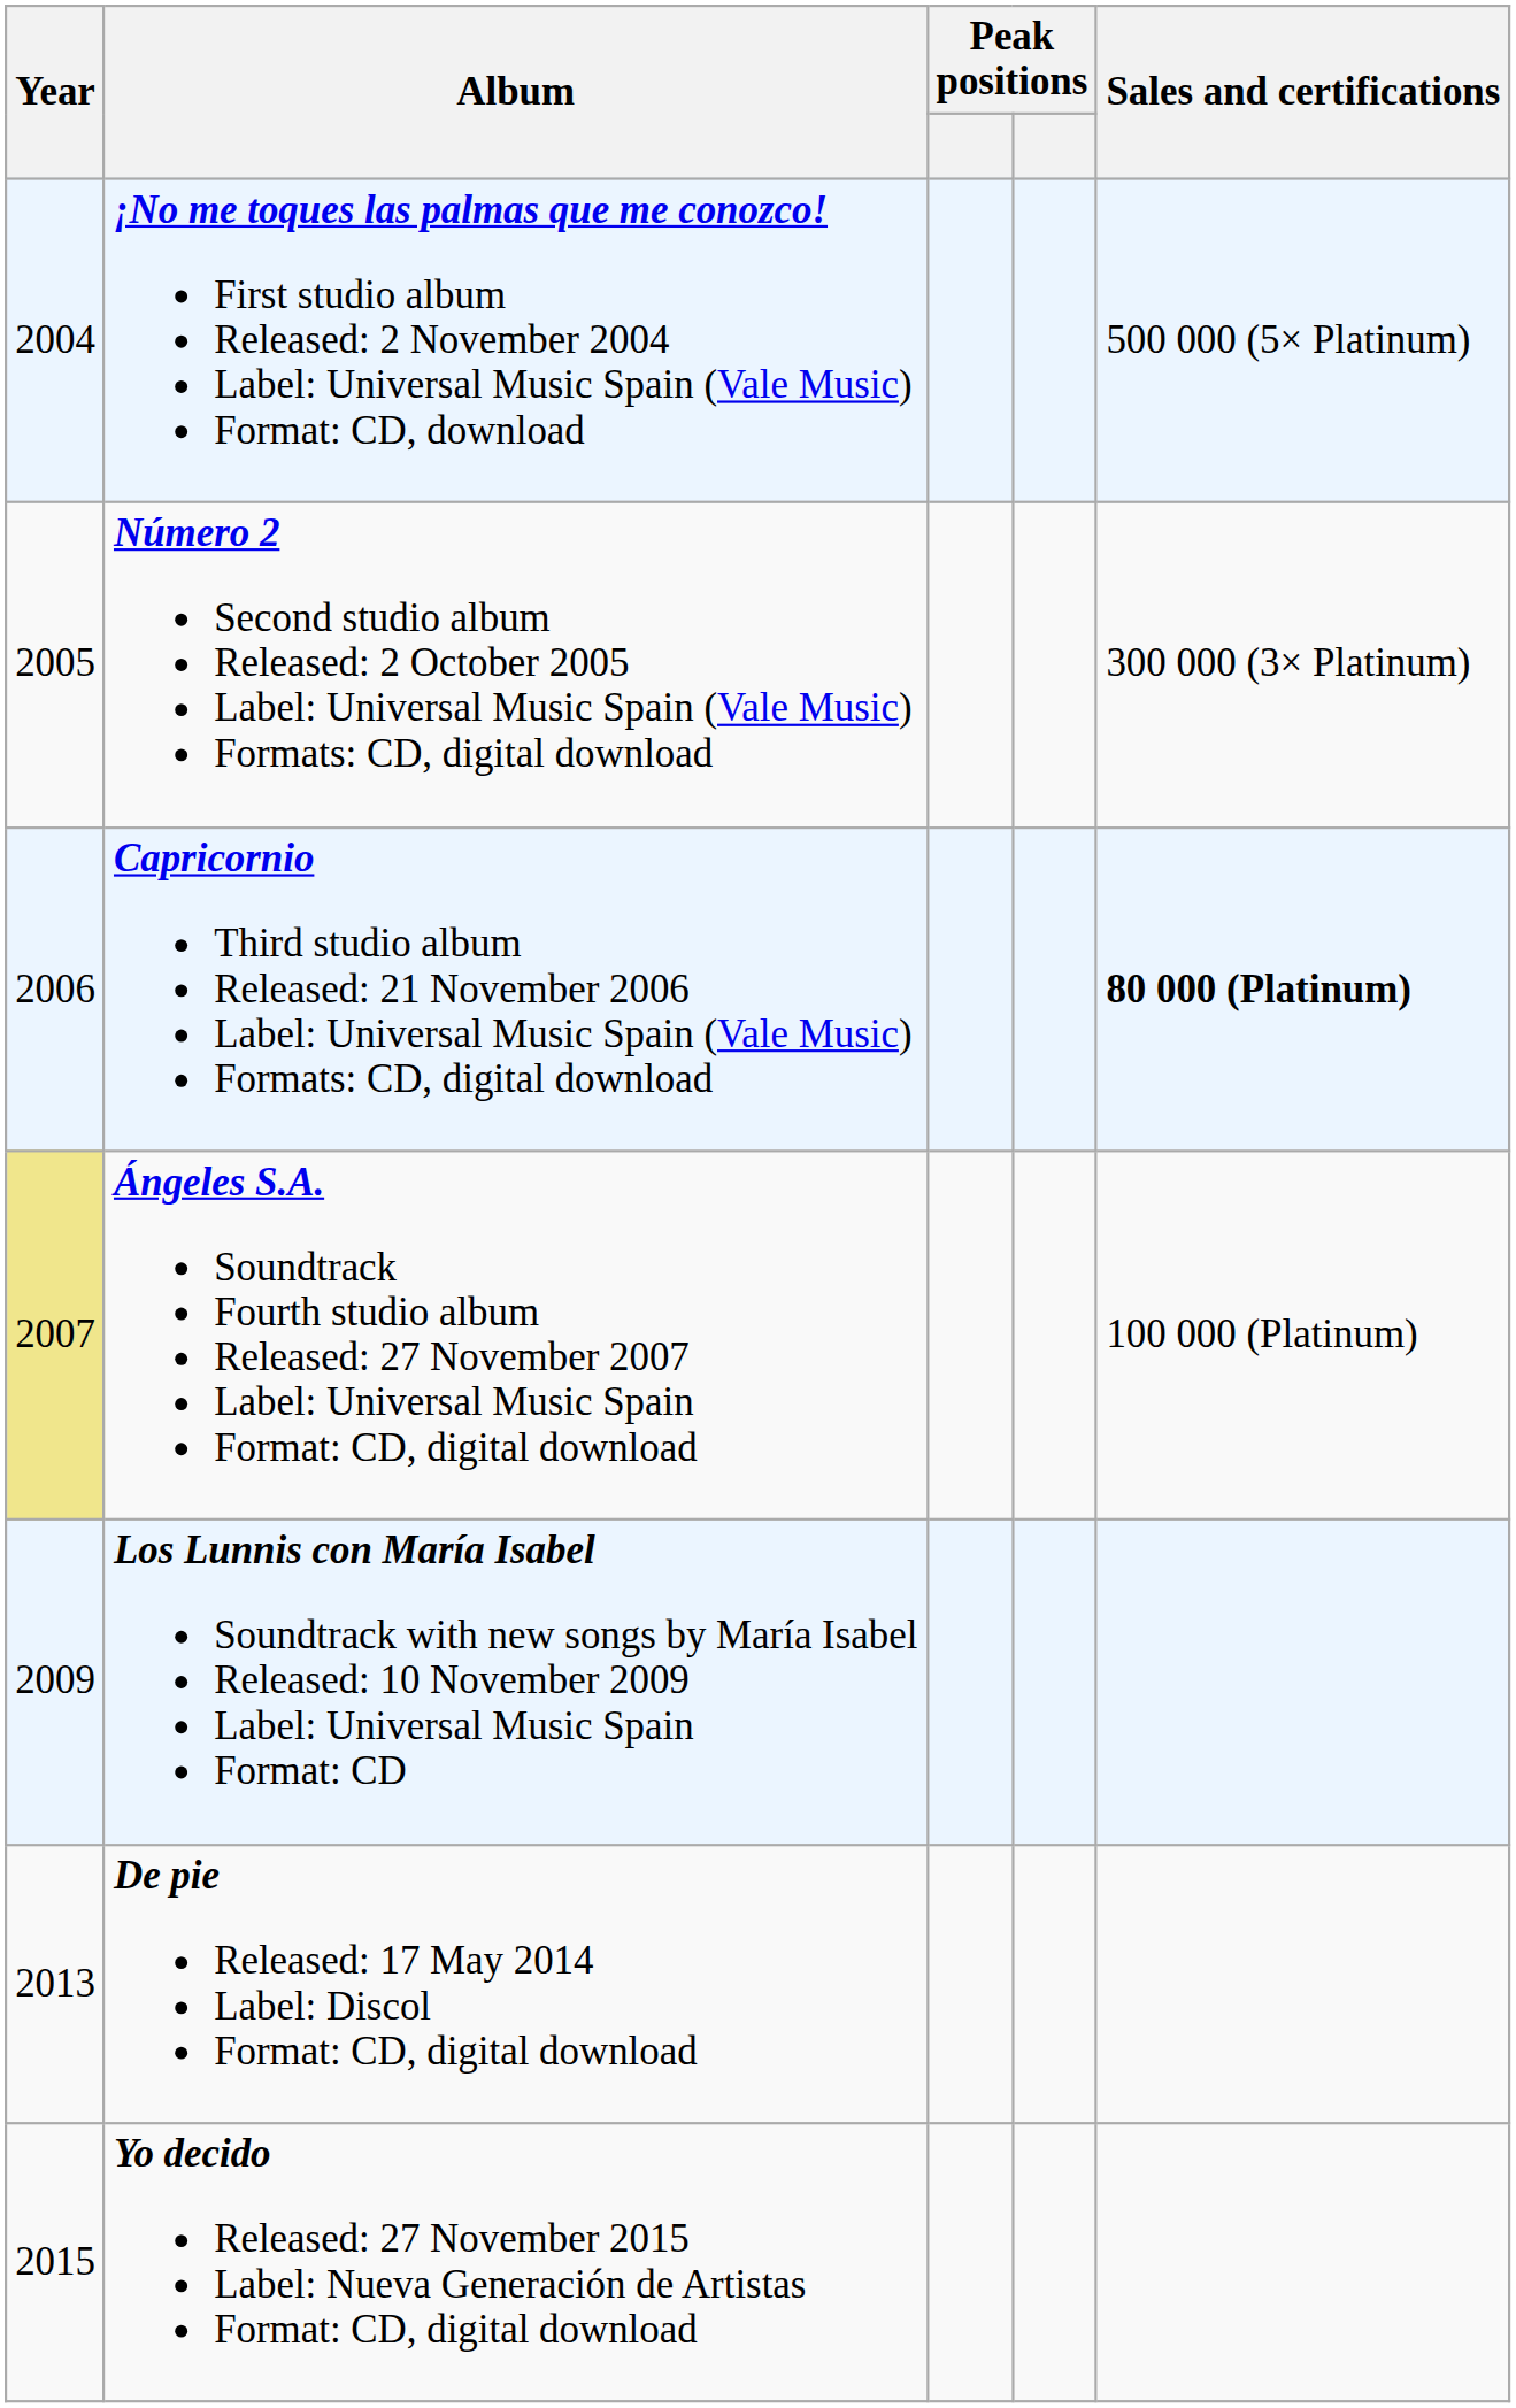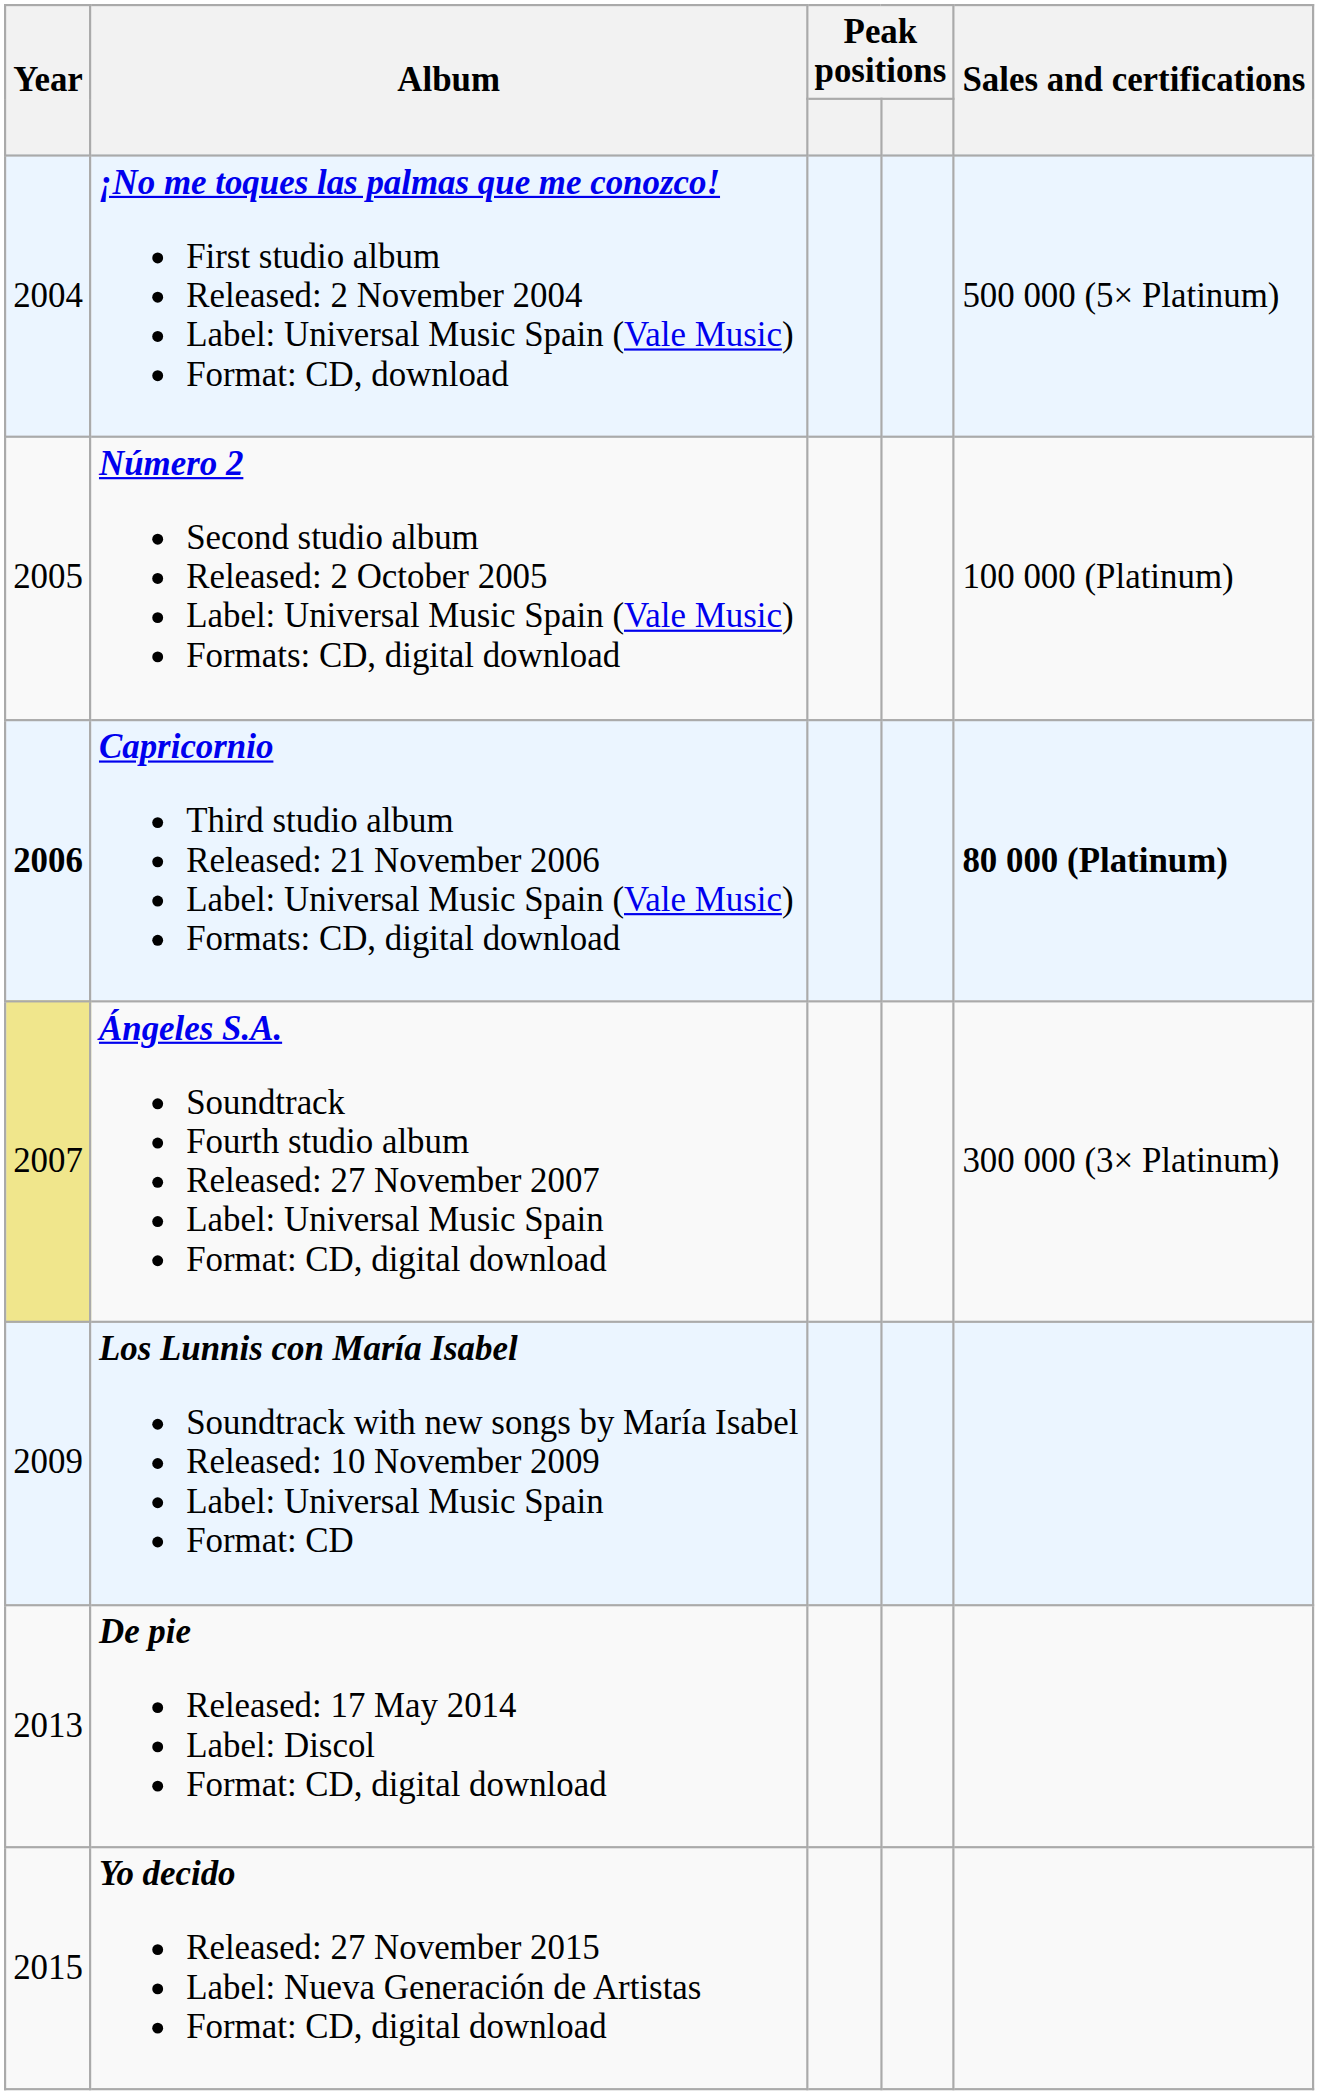 <table class="wikitable">
 <tr>
 <th rowspan="2">Year</th>
 <th rowspan="2">Album</th>
 <th colspan="2">Peak positions</th>
 <th rowspan="2">Sales and certifications</th>
 </tr>
 <tr>
 <th width="25"><br></th>
 <th width="25"></th>
 </tr>
 <tr ---- bgcolor="#ebf5ff">
 <td>2004</td>
 <td><strong><em><a href='#'>¡No me toques las palmas que me conozco!</a></em></strong><br><ul><li>First studio album</li><li>Released: 2 November 2004</li><li>Label: Universal Music Spain (<a href='#'>Vale Music</a>)</li><li>Format: CD, download</li></ul></td>
 <td></td>
 <td></td>
 <td>500 000 (5× Platinum)</td>
 </tr>
 <tr>
 <td>2005</td>
 <td><strong><em><a href='#'>Número 2</a></em></strong><br><ul><li>Second studio album</li><li>Released: 2 October 2005</li><li>Label: Universal Music Spain (<a href='#'>Vale Music</a>)</li><li>Formats: CD, digital download</li></ul></td>
 <td></td>
 <td></td>
-<td>300 000 (3× Platinum)</td>
+<td>100 000 (Platinum)</td>
 </tr>
 <tr ---- bgcolor="#ebf5ff">
-<td>2006</td>
+<td><strong>2006</strong></td>
 <td><strong><em><a href='#'>Capricornio</a></em></strong><br><ul><li>Third studio album</li><li>Released: 21 November 2006</li><li>Label: Universal Music Spain (<a href='#'>Vale Music</a>)</li><li>Formats: CD, digital download</li></ul></td>
 <td></td>
 <td></td>
 <td><strong>80 000 (Platinum)</strong></td>
 </tr>
 <tr>
 <td style="background: khaki;">2007</td>
 <td><strong><em><a href='#'>Ángeles S.A.</a></em></strong><br><ul><li>Soundtrack</li><li>Fourth studio album</li><li>Released: 27 November 2007</li><li>Label: Universal Music Spain</li><li>Format: CD, digital download</li></ul></td>
 <td></td>
 <td></td>
-<td>100 000 (Platinum)</td>
+<td>300 000 (3× Platinum)</td>
 </tr>
 <tr bgcolor="#ebf5ff">
 <td>2009</td>
 <td><strong><em>Los Lunnis con María Isabel</em></strong><br><ul><li>Soundtrack with new songs by María Isabel</li><li>Released: 10 November 2009</li><li>Label: Universal Music Spain</li><li>Format: CD</li></ul></td>
 <td></td>
 <td></td>
 <td></td>
 </tr>
 <tr>
 <td>2013</td>
 <td><strong><em>De pie</em></strong><br><ul><li>Released: 17 May 2014</li><li>Label: Discol</li><li>Format: CD, digital download</li></ul></td>
 <td></td>
 <td></td>
 <td></td>
 </tr>
 <tr>
 <td>2015</td>
 <td><strong><em>Yo decido</em></strong><br><ul><li>Released: 27 November 2015</li><li>Label: Nueva Generación de Artistas</li><li>Format: CD, digital download</li></ul></td>
 <td></td>
 <td></td>
 <td></td>
 </tr>
 </table>
